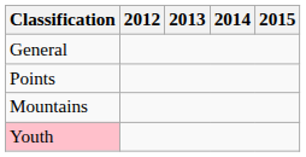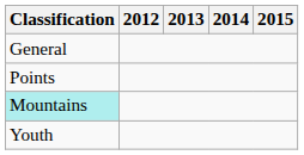 <table class="wikitable">
 <tr>
 <th>Classification</th>
 <th>2012</th>
 <th>2013</th>
 <th>2014</th>
 <th>2015</th>
 </tr>
 <tr>
 <td>General</td>
 <td colspan="4" align="center"></td>
 </tr>
 <tr>
 <td>Points</td>
 <td colspan="4" align="center"></td>
 </tr>
 <tr>
-<td>Mountains</td>
+<td style="background: paleturquoise;">Mountains</td>
 <td colspan="4" align="center"></td>
 </tr>
 <tr>
-<td style="background: pink;">Youth</td>
+<td>Youth</td>
 <td colspan="4" align="center"></td>
 </tr>
 </table>
